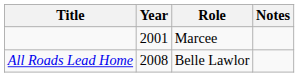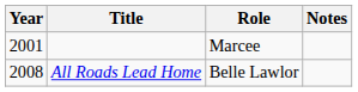 <table class="wikitable sortable">
 <tr>
+<th>Year</th>
 <th>Title</th>
-<th>Year</th>
 <th>Role</th>
 <th class="unsortable">Notes</th>
 </tr>
 <tr>
+<td>2001</td>
 <td><em></em></td>
-<td>2001</td>
 <td>Marcee</td>
 <td></td>
 </tr>
 <tr>
+<td>2008</td>
 <td><em><a href='#'>All Roads Lead Home</a></em></td>
-<td>2008</td>
 <td>Belle Lawlor</td>
 <td></td>
 </tr>
 </table>
